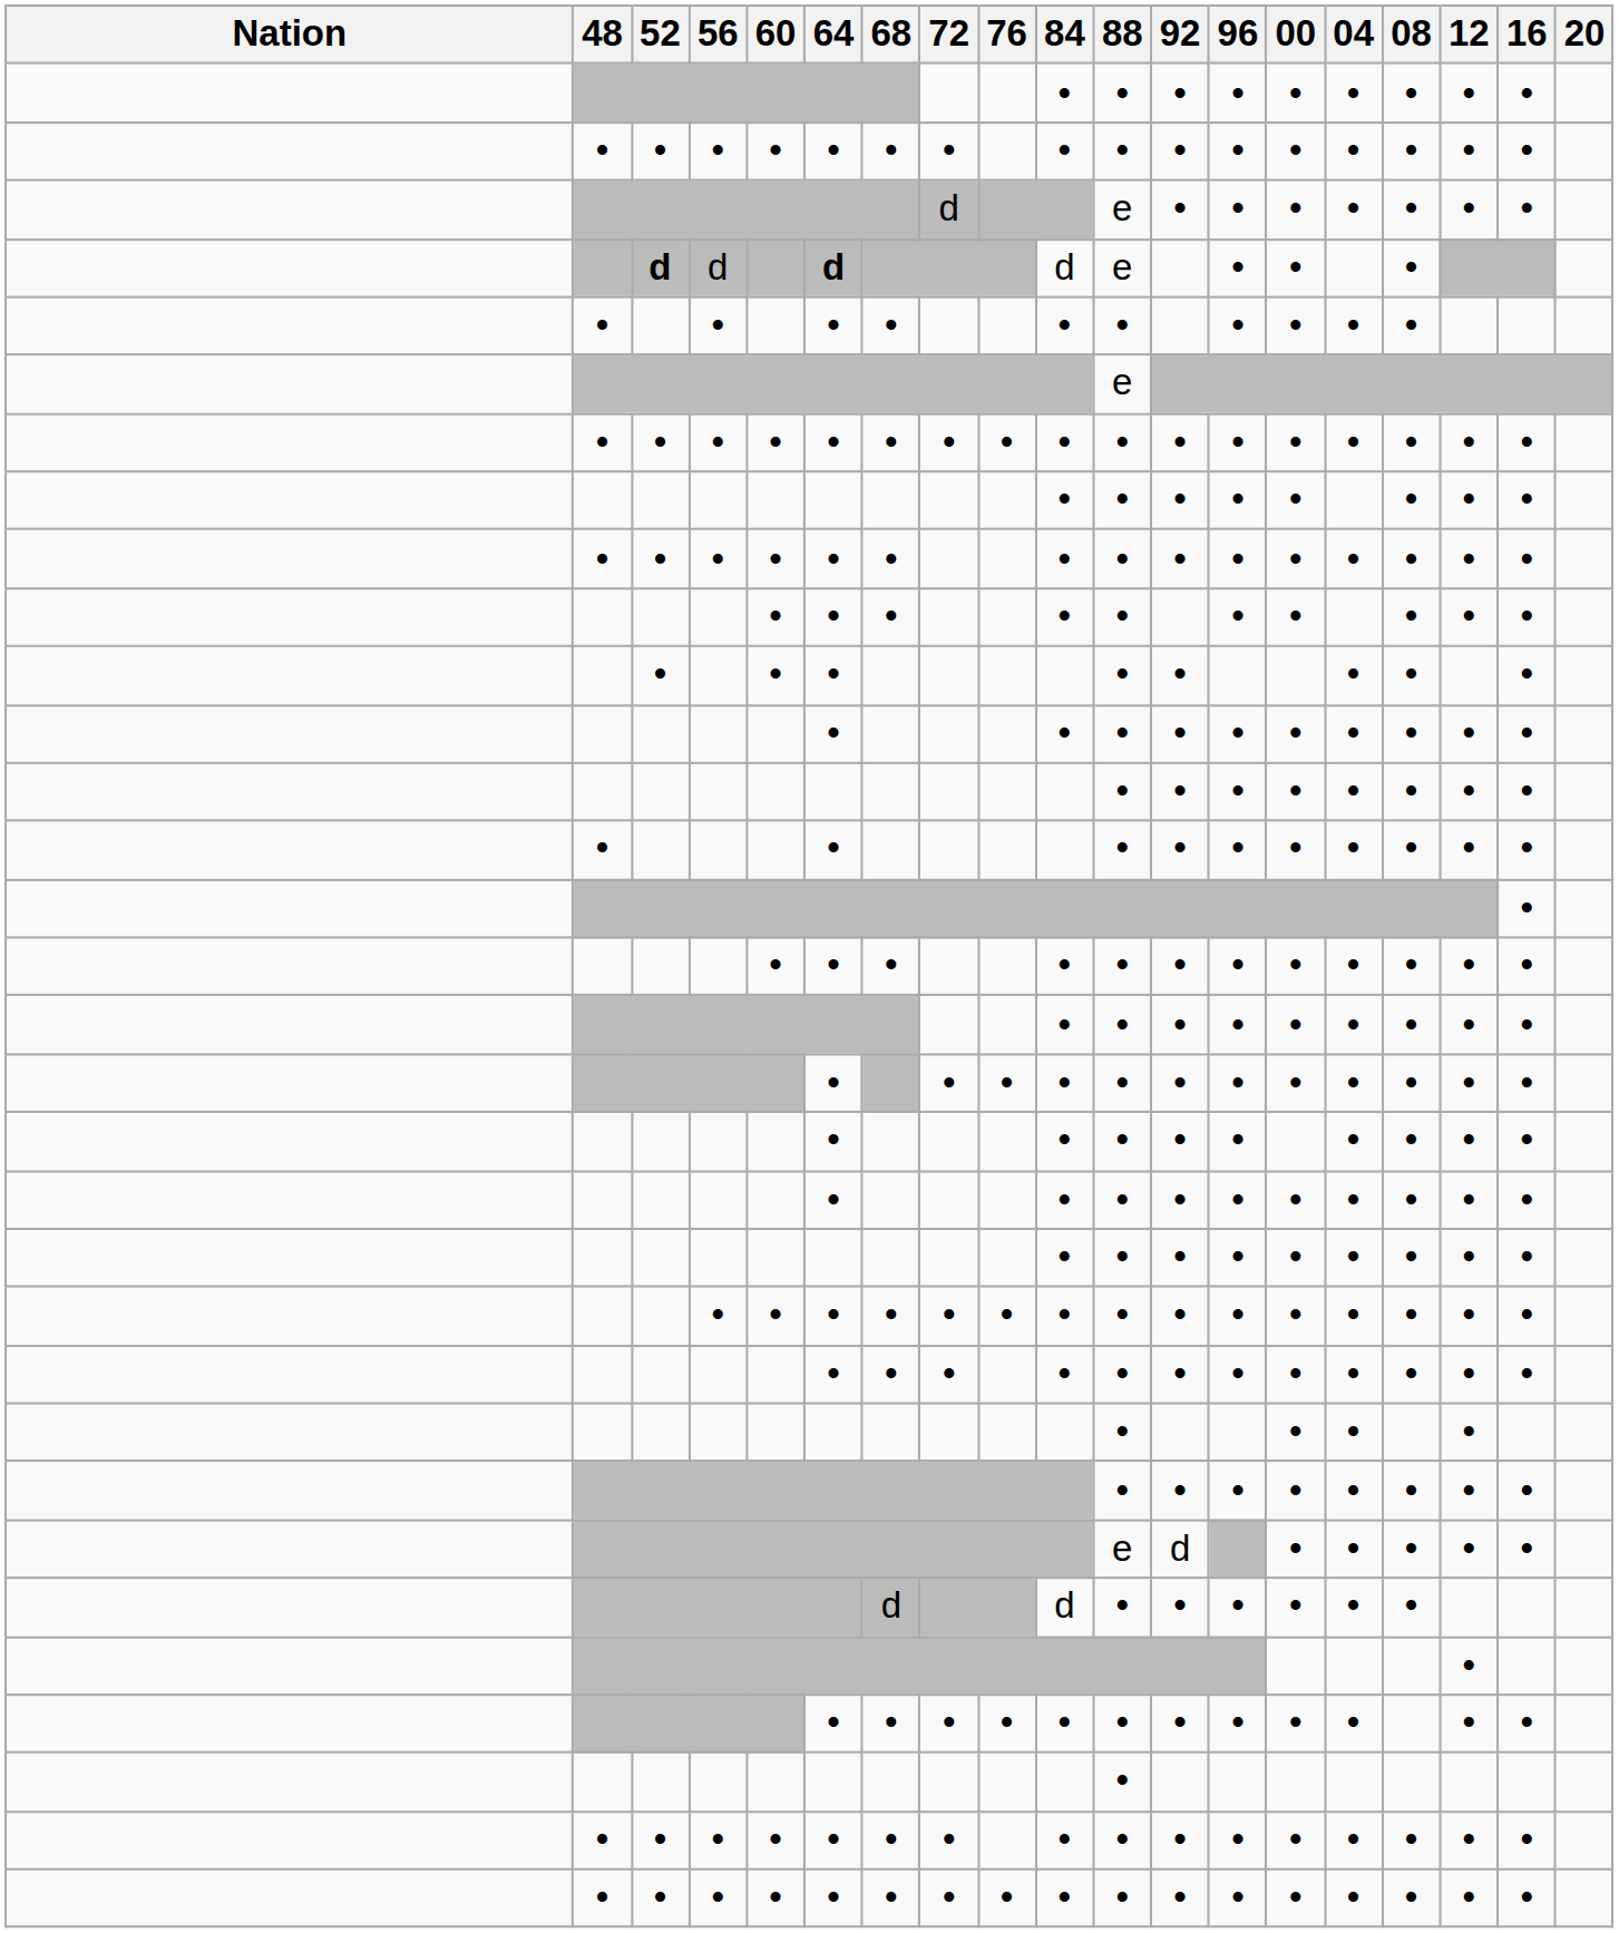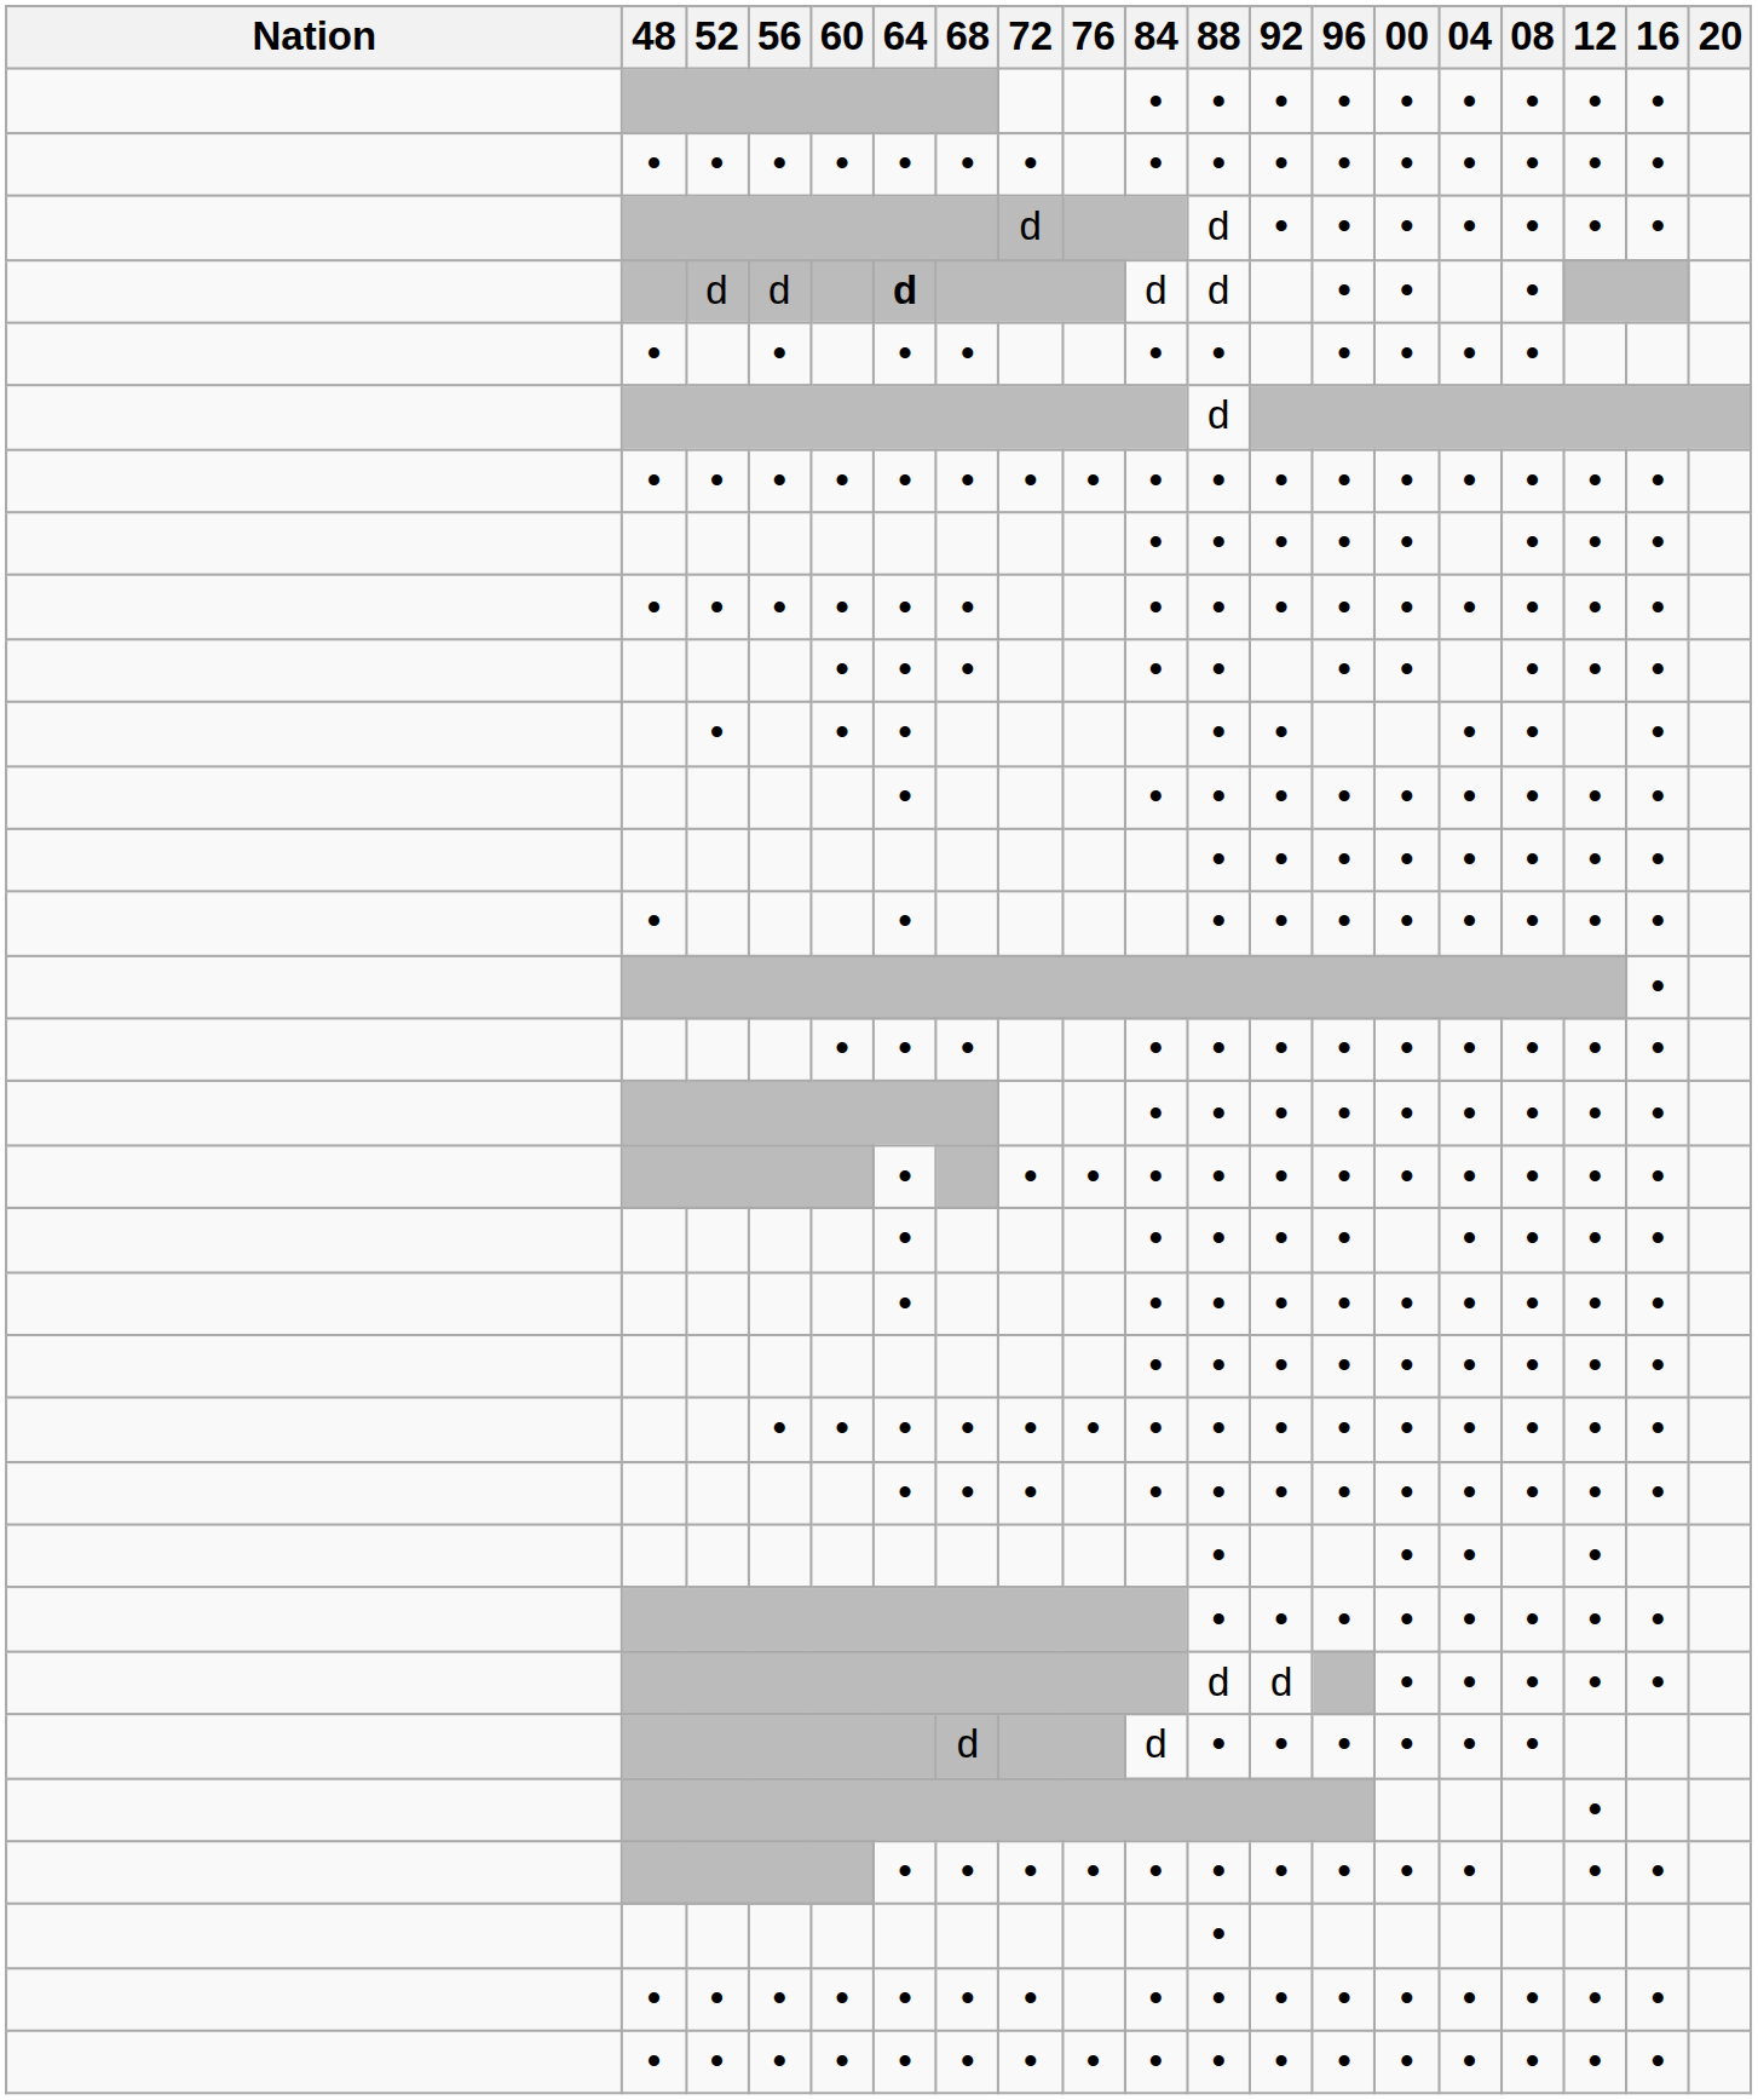 <table class="wikitable" style="text-align:center">
 <tr>
 <th style="width:15em">Nation</th>
 <th>48</th>
 <th>52</th>
 <th>56</th>
 <th>60</th>
 <th>64</th>
 <th>68</th>
 <th>72</th>
 <th>76</th>
 <th>84</th>
 <th>88</th>
 <th>92</th>
 <th>96</th>
 <th>00</th>
 <th>04</th>
 <th>08</th>
 <th>12</th>
 <th>16</th>
 <th>20</th>
 </tr>
 <tr>
 <td align=left></td>
 <td colspan=6 style="background:#bbb"></td>
 <td></td>
 <td></td>
 <td>•</td>
 <td>•</td>
 <td>•</td>
 <td>•</td>
 <td>•</td>
 <td>•</td>
 <td>•</td>
 <td>•</td>
 <td>•</td>
 <td></td>
 </tr>
 <tr>
 <td align=left></td>
 <td>•</td>
 <td>•</td>
 <td>•</td>
 <td>•</td>
 <td>•</td>
 <td>•</td>
 <td>•</td>
 <td></td>
 <td>•</td>
 <td>•</td>
 <td>•</td>
 <td>•</td>
 <td>•</td>
 <td>•</td>
 <td>•</td>
 <td>•</td>
 <td>•</td>
 <td></td>
 </tr>
 <tr>
 <td align=left></td>
 <td colspan=6 style="background:#bbb"></td>
 <td style="background:#bbb">d</td>
 <td colspan=2 style="background:#bbb"></td>
-<td>e</td>
+<td>d</td>
 <td>•</td>
 <td>•</td>
 <td>•</td>
 <td>•</td>
 <td>•</td>
 <td>•</td>
 <td>•</td>
 <td></td>
 </tr>
 <tr>
 <td align=left></td>
 <td style="background:#bbb"></td>
-<td style="background:#bbb"><strong>d</strong></td>
+<td style="background:#bbb">d</td>
 <td style="background:#bbb">d</td>
 <td style="background:#bbb"></td>
 <td style="background:#bbb"><strong>d</strong></td>
 <td colspan=3 style="background:#bbb"></td>
 <td>d</td>
-<td>e</td>
+<td>d</td>
 <td></td>
 <td>•</td>
 <td>•</td>
 <td></td>
 <td>•</td>
 <td colspan=2 style="background:#bbb"></td>
 <td></td>
 </tr>
 <tr>
 <td align=left></td>
 <td>•</td>
 <td></td>
 <td>•</td>
 <td></td>
 <td>•</td>
 <td>•</td>
 <td></td>
 <td></td>
 <td>•</td>
 <td>•</td>
 <td></td>
 <td>•</td>
 <td>•</td>
 <td>•</td>
 <td>•</td>
 <td></td>
 <td></td>
 <td></td>
 </tr>
 <tr>
 <td align=left></td>
 <td colspan=9 style="background:#bbb"></td>
-<td>e</td>
+<td>d</td>
 <td colspan=8 style="background:#bbb"></td>
 </tr>
 <tr>
 <td align=left></td>
 <td>•</td>
 <td>•</td>
 <td>•</td>
 <td>•</td>
 <td>•</td>
 <td>•</td>
 <td>•</td>
 <td>•</td>
 <td>•</td>
 <td>•</td>
 <td>•</td>
 <td>•</td>
 <td>•</td>
 <td>•</td>
 <td>•</td>
 <td>•</td>
 <td>•</td>
 <td></td>
 </tr>
 <tr>
 <td align=left></td>
 <td></td>
 <td></td>
 <td></td>
 <td></td>
 <td></td>
 <td></td>
 <td></td>
 <td></td>
 <td>•</td>
 <td>•</td>
 <td>•</td>
 <td>•</td>
 <td>•</td>
 <td></td>
 <td>•</td>
 <td>•</td>
 <td>•</td>
 <td></td>
 </tr>
 <tr>
 <td align=left></td>
 <td>•</td>
 <td>•</td>
 <td>•</td>
 <td>•</td>
 <td>•</td>
 <td>•</td>
 <td></td>
 <td></td>
 <td>•</td>
 <td>•</td>
 <td>•</td>
 <td>•</td>
 <td>•</td>
 <td>•</td>
 <td>•</td>
 <td>•</td>
 <td>•</td>
 <td></td>
 </tr>
 <tr>
 <td align=left></td>
 <td></td>
 <td></td>
 <td></td>
 <td>•</td>
 <td>•</td>
 <td>•</td>
 <td></td>
 <td></td>
 <td>•</td>
 <td>•</td>
 <td></td>
 <td>•</td>
 <td>•</td>
 <td></td>
 <td>•</td>
 <td>•</td>
 <td>•</td>
 <td></td>
 </tr>
 <tr>
 <td align=left></td>
 <td></td>
 <td>•</td>
 <td></td>
 <td>•</td>
 <td>•</td>
 <td></td>
 <td></td>
 <td></td>
 <td></td>
 <td>•</td>
 <td>•</td>
 <td></td>
 <td></td>
 <td>•</td>
 <td>•</td>
 <td></td>
 <td>•</td>
 <td></td>
 </tr>
 <tr>
 <td align=left></td>
 <td></td>
 <td></td>
 <td></td>
 <td></td>
 <td>•</td>
 <td></td>
 <td></td>
 <td></td>
 <td>•</td>
 <td>•</td>
 <td>•</td>
 <td>•</td>
 <td>•</td>
 <td>•</td>
 <td>•</td>
 <td>•</td>
 <td>•</td>
 <td></td>
 </tr>
 <tr>
 <td align=left></td>
 <td></td>
 <td></td>
 <td></td>
 <td></td>
 <td></td>
 <td></td>
 <td></td>
 <td></td>
 <td></td>
 <td>•</td>
 <td>•</td>
 <td>•</td>
 <td>•</td>
 <td>•</td>
 <td>•</td>
 <td>•</td>
 <td>•</td>
 <td></td>
 </tr>
 <tr>
 <td align=left></td>
 <td>•</td>
 <td></td>
 <td></td>
 <td></td>
 <td>•</td>
 <td></td>
 <td></td>
 <td></td>
 <td></td>
 <td>•</td>
 <td>•</td>
 <td>•</td>
 <td>•</td>
 <td>•</td>
 <td>•</td>
 <td>•</td>
 <td>•</td>
 <td></td>
 </tr>
 <tr>
 <td align=left></td>
 <td colspan=16 style="background:#bbb"></td>
 <td>•</td>
 <td></td>
 </tr>
 <tr>
 <td align=left></td>
 <td></td>
 <td></td>
 <td></td>
 <td>•</td>
 <td>•</td>
 <td>•</td>
 <td></td>
 <td></td>
 <td>•</td>
 <td>•</td>
 <td>•</td>
 <td>•</td>
 <td>•</td>
 <td>•</td>
 <td>•</td>
 <td>•</td>
 <td>•</td>
 <td></td>
 </tr>
 <tr>
 <td align=left></td>
 <td colspan=6 style="background:#bbb"></td>
 <td></td>
 <td></td>
 <td>•</td>
 <td>•</td>
 <td>•</td>
 <td>•</td>
 <td>•</td>
 <td>•</td>
 <td>•</td>
 <td>•</td>
 <td>•</td>
 <td></td>
 </tr>
 <tr>
 <td align=left></td>
 <td colspan=4 style="background:#bbb"></td>
 <td>•</td>
 <td style="background:#bbb"></td>
 <td>•</td>
 <td>•</td>
 <td>•</td>
 <td>•</td>
 <td>•</td>
 <td>•</td>
 <td>•</td>
 <td>•</td>
 <td>•</td>
 <td>•</td>
 <td>•</td>
 <td></td>
 </tr>
 <tr>
 <td align=left></td>
 <td></td>
 <td></td>
 <td></td>
 <td></td>
 <td>•</td>
 <td></td>
 <td></td>
 <td></td>
 <td>•</td>
 <td>•</td>
 <td>•</td>
 <td>•</td>
 <td></td>
 <td>•</td>
 <td>•</td>
 <td>•</td>
 <td>•</td>
 <td></td>
 </tr>
 <tr>
 <td align=left></td>
 <td></td>
 <td></td>
 <td></td>
 <td></td>
 <td>•</td>
 <td></td>
 <td></td>
 <td></td>
 <td>•</td>
 <td>•</td>
 <td>•</td>
 <td>•</td>
 <td>•</td>
 <td>•</td>
 <td>•</td>
 <td>•</td>
 <td>•</td>
 <td></td>
 </tr>
 <tr>
 <td align=left></td>
 <td></td>
 <td></td>
 <td></td>
 <td></td>
 <td></td>
 <td></td>
 <td></td>
 <td></td>
 <td>•</td>
 <td>•</td>
 <td>•</td>
 <td>•</td>
 <td>•</td>
 <td>•</td>
 <td>•</td>
 <td>•</td>
 <td>•</td>
 <td></td>
 </tr>
 <tr>
 <td align=left></td>
 <td></td>
 <td></td>
 <td>•</td>
 <td>•</td>
 <td>•</td>
 <td>•</td>
 <td>•</td>
 <td>•</td>
 <td>•</td>
 <td>•</td>
 <td>•</td>
 <td>•</td>
 <td>•</td>
 <td>•</td>
 <td>•</td>
 <td>•</td>
 <td>•</td>
 <td></td>
 </tr>
 <tr>
 <td align=left></td>
 <td></td>
 <td></td>
 <td></td>
 <td></td>
 <td>•</td>
 <td>•</td>
 <td>•</td>
 <td></td>
 <td>•</td>
 <td>•</td>
 <td>•</td>
 <td>•</td>
 <td>•</td>
 <td>•</td>
 <td>•</td>
 <td>•</td>
 <td>•</td>
 <td></td>
 </tr>
 <tr>
 <td align=left></td>
 <td></td>
 <td></td>
 <td></td>
 <td></td>
 <td></td>
 <td></td>
 <td></td>
 <td></td>
 <td></td>
 <td>•</td>
 <td></td>
 <td></td>
 <td>•</td>
 <td>•</td>
 <td></td>
 <td>•</td>
 <td></td>
 <td></td>
 </tr>
 <tr>
 <td align=left></td>
 <td colspan=9 style="background:#bbb"></td>
 <td>•</td>
 <td>•</td>
 <td>•</td>
 <td>•</td>
 <td>•</td>
 <td>•</td>
 <td>•</td>
 <td>•</td>
 <td></td>
 </tr>
 <tr>
 <td align=left></td>
 <td colspan=9 style="background:#bbb"></td>
-<td>e</td>
+<td>d</td>
 <td>d</td>
 <td style="background:#bbb"></td>
 <td>•</td>
 <td>•</td>
 <td>•</td>
 <td>•</td>
 <td>•</td>
 <td></td>
 </tr>
 <tr>
 <td align=left></td>
 <td colspan=5 style="background:#bbb"></td>
 <td style="background:#bbb">d</td>
 <td colspan=2 style="background:#bbb"></td>
 <td>d</td>
 <td>•</td>
 <td>•</td>
 <td>•</td>
 <td>•</td>
 <td>•</td>
 <td>•</td>
 <td></td>
 <td></td>
 <td></td>
 </tr>
 <tr>
 <td align=left></td>
 <td colspan=12 style="background:#bbb"></td>
 <td></td>
 <td></td>
 <td></td>
 <td>•</td>
 <td></td>
 <td></td>
 </tr>
 <tr>
 <td align=left></td>
 <td colspan=4 style="background:#bbb"></td>
 <td>•</td>
 <td>•</td>
 <td>•</td>
 <td>•</td>
 <td>•</td>
 <td>•</td>
 <td>•</td>
 <td>•</td>
 <td>•</td>
 <td>•</td>
 <td></td>
 <td>•</td>
 <td>•</td>
 <td></td>
 </tr>
 <tr>
 <td align=left></td>
 <td></td>
 <td></td>
 <td></td>
 <td></td>
 <td></td>
 <td></td>
 <td></td>
 <td></td>
 <td></td>
 <td>•</td>
 <td></td>
 <td></td>
 <td></td>
 <td></td>
 <td></td>
 <td></td>
 <td></td>
 <td></td>
 </tr>
 <tr>
 <td align=left></td>
 <td>•</td>
 <td>•</td>
 <td>•</td>
 <td>•</td>
 <td>•</td>
 <td>•</td>
 <td>•</td>
 <td></td>
 <td>•</td>
 <td>•</td>
 <td>•</td>
 <td>•</td>
 <td>•</td>
 <td>•</td>
 <td>•</td>
 <td>•</td>
 <td>•</td>
 <td></td>
 </tr>
 <tr>
 <td align=left></td>
 <td>•</td>
 <td>•</td>
 <td>•</td>
 <td>•</td>
 <td>•</td>
 <td>•</td>
 <td>•</td>
 <td>•</td>
 <td>•</td>
 <td>•</td>
 <td>•</td>
 <td>•</td>
 <td>•</td>
 <td>•</td>
 <td>•</td>
 <td>•</td>
 <td>•</td>
 <td></td>
 </tr>
 </table>
